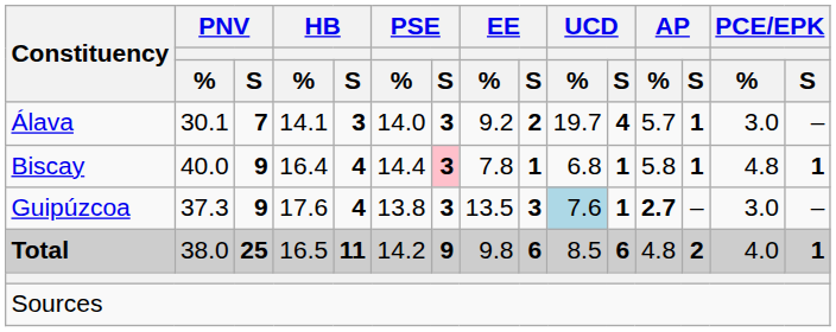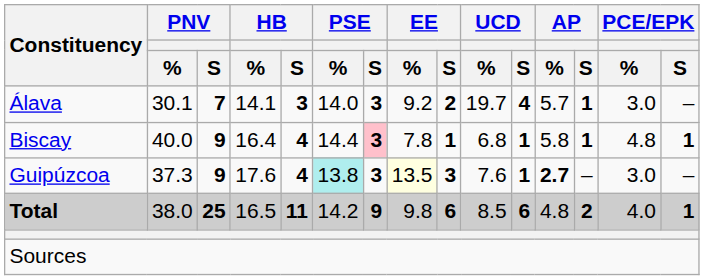 <table class="wikitable sortable" style="text-align:right; line-height:20px;">
 <tr>
 <th rowspan="3">Constituency</th>
 <th colspan="2" width="30px" class="unsortable"><a href='#'>PNV</a></th>
 <th colspan="2" width="30px" class="unsortable"><a href='#'>HB</a></th>
 <th colspan="2" width="30px" class="unsortable"><a href='#'>PSE</a></th>
 <th colspan="2" width="30px" class="unsortable"><a href='#'>EE</a></th>
 <th colspan="2" width="30px" class="unsortable"><a href='#'>UCD</a></th>
 <th colspan="2" width="30px" class="unsortable"><a href='#'>AP</a></th>
 <th colspan="2" width="30px" class="unsortable"><a href='#'>PCE/EPK</a></th>
 </tr>
 <tr>
 <th colspan="2" style="background:"></th>
 <th colspan="2" style="background:"></th>
 <th colspan="2" style="background:"></th>
 <th colspan="2" style="background:"></th>
 <th colspan="2" style="background:"></th>
 <th colspan="2" style="background:"></th>
 <th colspan="2" style="background:"></th>
 </tr>
 <tr>
 <th data-sort-type="number">%</th>
 <th data-sort-type="number">S</th>
 <th data-sort-type="number">%</th>
 <th data-sort-type="number">S</th>
 <th data-sort-type="number">%</th>
 <th data-sort-type="number">S</th>
 <th data-sort-type="number">%</th>
 <th data-sort-type="number">S</th>
 <th data-sort-type="number">%</th>
 <th data-sort-type="number">S</th>
 <th data-sort-type="number">%</th>
 <th data-sort-type="number">S</th>
 <th data-sort-type="number">%</th>
 <th data-sort-type="number">S</th>
 </tr>
 <tr>
 <td align="left"><a href='#'>Álava</a></td>
 <td style="background:">30.1</td>
 <td><strong>7</strong></td>
 <td>14.1</td>
 <td><strong>3</strong></td>
 <td>14.0</td>
 <td><strong>3</strong></td>
 <td>9.2</td>
 <td><strong>2</strong></td>
 <td>19.7</td>
 <td><strong>4</strong></td>
 <td>5.7</td>
 <td><strong>1</strong></td>
 <td>3.0</td>
 <td>–</td>
 </tr>
 <tr>
 <td align="left"><a href='#'>Biscay</a></td>
 <td style="background:">40.0</td>
 <td><strong>9</strong></td>
 <td>16.4</td>
 <td><strong>4</strong></td>
 <td>14.4</td>
 <td style="background: pink;"><strong>3</strong></td>
 <td>7.8</td>
 <td><strong>1</strong></td>
 <td>6.8</td>
 <td><strong>1</strong></td>
 <td>5.8</td>
 <td><strong>1</strong></td>
 <td>4.8</td>
 <td><strong>1</strong></td>
 </tr>
 <tr>
 <td align="left"><a href='#'>Guipúzcoa</a></td>
 <td style="background:">37.3</td>
 <td><strong>9</strong></td>
 <td>17.6</td>
 <td><strong>4</strong></td>
-<td>13.8</td>
+<td style="background: paleturquoise;">13.8</td>
 <td><strong>3</strong></td>
-<td>13.5</td>
+<td style="background: lightyellow;">13.5</td>
 <td><strong>3</strong></td>
-<td style="background: lightblue;">7.6</td>
+<td>7.6</td>
 <td><strong>1</strong></td>
 <td><strong>2.7</strong></td>
 <td>–</td>
 <td>3.0</td>
 <td>–</td>
 </tr>
 <tr style="background:#CDCDCD;">
 <td align="left"><strong>Total</strong></td>
 <td style="background:">38.0</td>
 <td><strong>25</strong></td>
 <td>16.5</td>
 <td><strong>11</strong></td>
 <td>14.2</td>
 <td><strong>9</strong></td>
 <td>9.8</td>
 <td><strong>6</strong></td>
 <td>8.5</td>
 <td><strong>6</strong></td>
 <td>4.8</td>
 <td><strong>2</strong></td>
 <td>4.0</td>
 <td><strong>1</strong></td>
 </tr>
 <tr>
 <th colspan="15"></th>
 </tr>
 <tr>
 <th style="text-align:left; font-weight:normal; background:#F9F9F9" colspan="15">Sources</th>
 </tr>
 </table>
